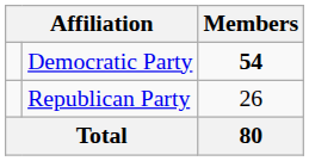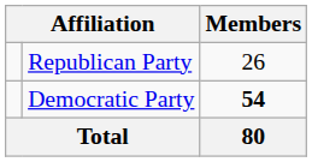 <table class="wikitable">
 <tr>
 <th colspan="2">Affiliation</th>
 <th>Members</th>
 </tr>
 <tr>
 <td style="background-color:"> </td>
-<td><a href='#'>Democratic Party</a></td>
-<td style="text-align:center;"><strong>54</strong></td>
+<td><a href='#'>Republican Party</a></td>
+<td style="text-align:center;">26</td>
 </tr>
 <tr>
 <td style="background-color:"> </td>
-<td><a href='#'>Republican Party</a></td>
-<td style="text-align:center;">26</td>
+<td><a href='#'>Democratic Party</a></td>
+<td style="text-align:center;"><strong>54</strong></td>
 </tr>
 <tr>
 <th colspan="2" style="text-align:center;">Total</th>
 <th style="text-align:center;">80</th>
 </tr>
 </table>
